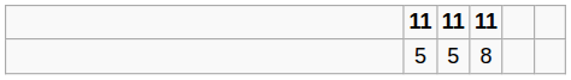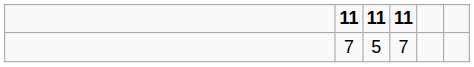 <table class="wikitable">
 <tr>
 <td style="width:18em"><strong></strong></td>
 <td align=center style="width:1em"><strong>11</strong></td>
 <td align=center style="width:1em"><strong>11</strong></td>
 <td align=center style="width:1em"><strong>11</strong></td>
 <td align=center style="width:1em"></td>
 <td align=center style="width:1em"></td>
 </tr>
 <tr>
 <td style="width:18em"></td>
+<td align=center style="width:1em">7</td>
 <td align=center style="width:1em">5</td>
-<td align=center style="width:1em">5</td>
-<td align=center style="width:1em">8</td>
+<td align=center style="width:1em">7</td>
 <td align=center style="width:1em"></td>
 <td align=center style="width:1em"></td>
 </tr>
 </table>
